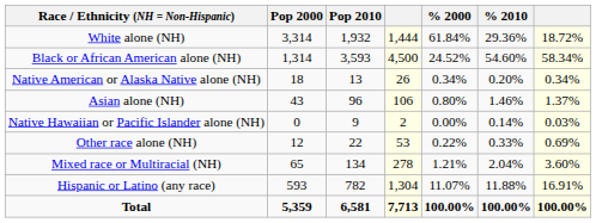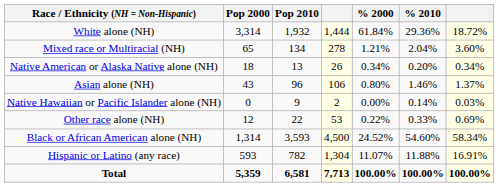 <table class="wikitable" style="text-align:center;">
 <tr>
 <th>Race / Ethnicity <small>(<em>NH = Non-Hispanic</em>)</small></th>
 <th>Pop 2000</th>
 <th>Pop 2010</th>
 <th></th>
 <th>% 2000</th>
 <th>% 2010</th>
 <th></th>
 </tr>
 <tr>
 <td><a href='#'>White</a> alone (NH)</td>
 <td>3,314</td>
 <td>1,932</td>
 <td style='background: #ffffe6;'>1,444</td>
 <td>61.84%</td>
 <td>29.36%</td>
 <td style='background: #ffffe6;'>18.72%</td>
 </tr>
 <tr>
-<td><a href='#'>Black or African American</a> alone (NH)</td>
-<td>1,314</td>
-<td>3,593</td>
-<td style='background: #ffffe6;'>4,500</td>
-<td>24.52%</td>
-<td>54.60%</td>
-<td style='background: #ffffe6;'>58.34%</td>
+<td><a href='#'>Mixed race or Multiracial</a> (NH)</td>
+<td>65</td>
+<td>134</td>
+<td style='background: #ffffe6;'>278</td>
+<td>1.21%</td>
+<td>2.04%</td>
+<td style='background: #ffffe6;'>3.60%</td>
 </tr>
 <tr>
 <td><a href='#'>Native American</a> or <a href='#'>Alaska Native</a> alone (NH)</td>
 <td>18</td>
 <td>13</td>
 <td style='background: #ffffe6;'>26</td>
 <td>0.34%</td>
 <td>0.20%</td>
 <td style='background: #ffffe6;'>0.34%</td>
 </tr>
 <tr>
 <td><a href='#'>Asian</a> alone (NH)</td>
 <td>43</td>
 <td>96</td>
 <td style='background: #ffffe6;'>106</td>
 <td>0.80%</td>
 <td>1.46%</td>
 <td style='background: #ffffe6;'>1.37%</td>
 </tr>
 <tr>
 <td><a href='#'>Native Hawaiian</a> or <a href='#'>Pacific Islander</a> alone (NH)</td>
 <td>0</td>
 <td>9</td>
 <td style='background: #ffffe6;'>2</td>
 <td>0.00%</td>
 <td>0.14%</td>
 <td style='background: #ffffe6;'>0.03%</td>
 </tr>
 <tr>
 <td><a href='#'>Other race</a> alone (NH)</td>
 <td>12</td>
 <td>22</td>
 <td style='background: #ffffe6;'>53</td>
 <td>0.22%</td>
 <td>0.33%</td>
 <td style='background: #ffffe6;'>0.69%</td>
 </tr>
 <tr>
-<td><a href='#'>Mixed race or Multiracial</a> (NH)</td>
-<td>65</td>
-<td>134</td>
-<td style='background: #ffffe6;'>278</td>
-<td>1.21%</td>
-<td>2.04%</td>
-<td style='background: #ffffe6;'>3.60%</td>
+<td><a href='#'>Black or African American</a> alone (NH)</td>
+<td>1,314</td>
+<td>3,593</td>
+<td style='background: #ffffe6;'>4,500</td>
+<td>24.52%</td>
+<td>54.60%</td>
+<td style='background: #ffffe6;'>58.34%</td>
 </tr>
 <tr>
 <td><a href='#'>Hispanic or Latino</a> (any race)</td>
 <td>593</td>
 <td>782</td>
 <td style='background: #ffffe6;'>1,304</td>
 <td>11.07%</td>
 <td>11.88%</td>
 <td style='background: #ffffe6;'>16.91%</td>
 </tr>
 <tr>
 <td><strong>Total</strong></td>
 <td><strong>5,359</strong></td>
 <td><strong>6,581</strong></td>
 <td style='background: #ffffe6;'><strong>7,713</strong></td>
 <td><strong>100.00%</strong></td>
 <td><strong>100.00%</strong></td>
 <td style='background: #ffffe6;'><strong>100.00%</strong></td>
 </tr>
 </table>
